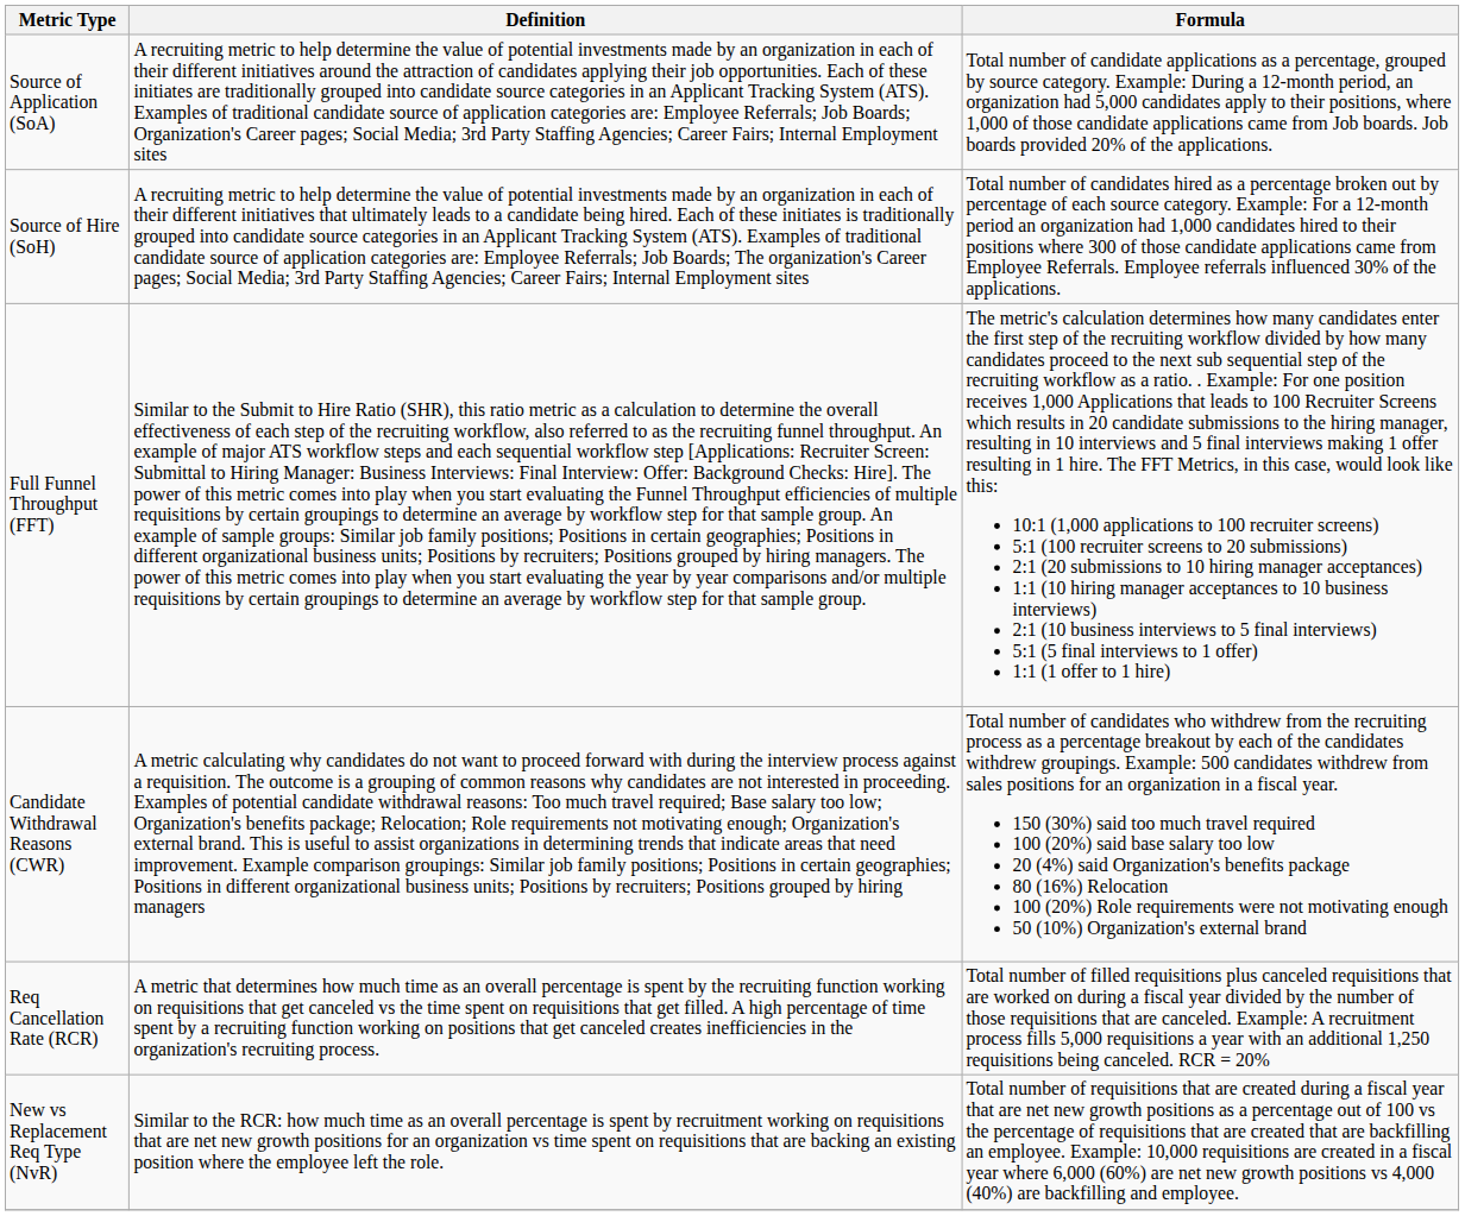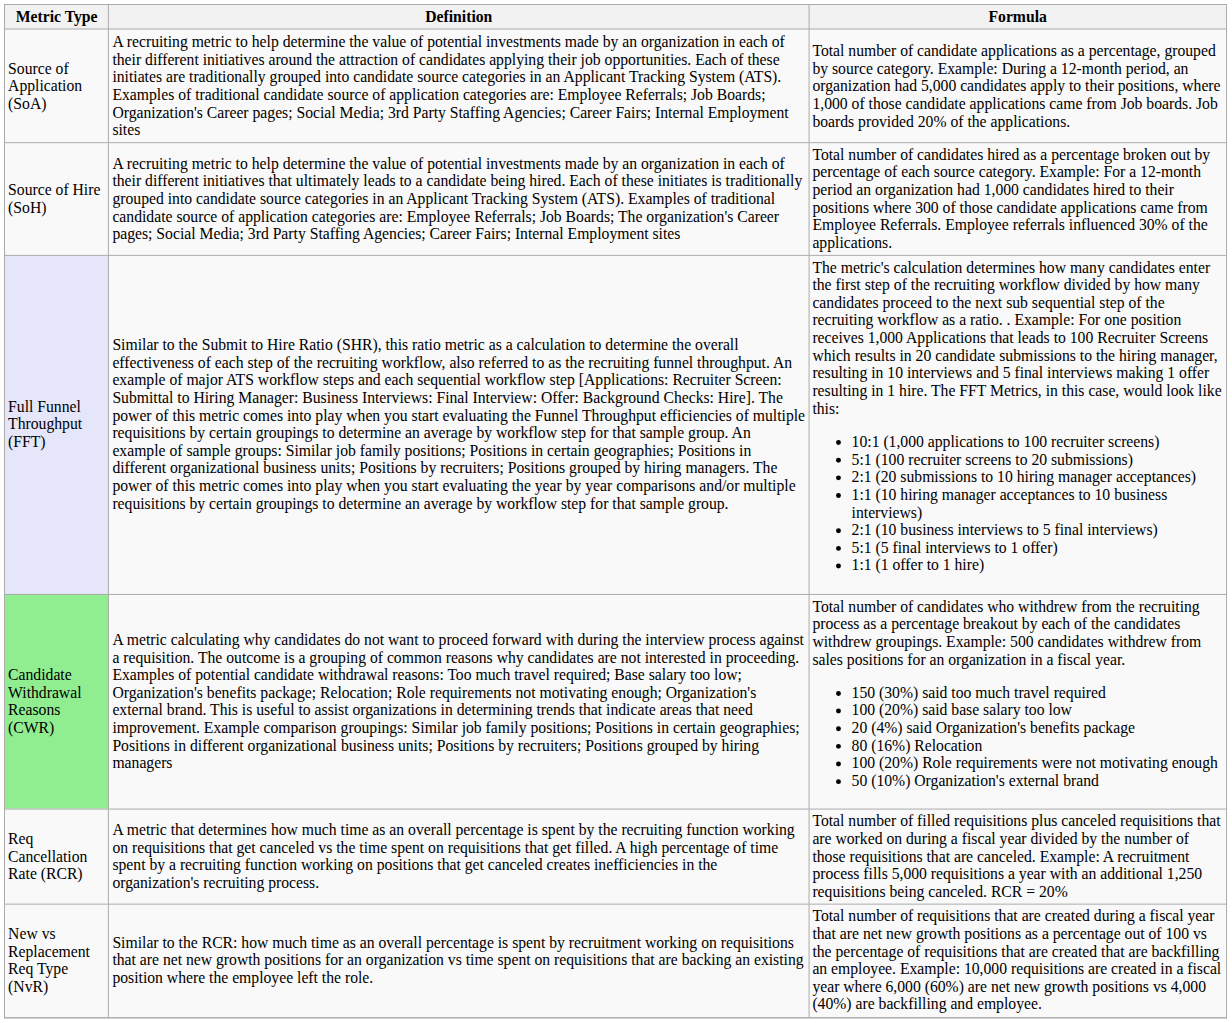 <table class="wikitable">
 <tr>
 <th>Metric Type</th>
 <th>Definition</th>
 <th>Formula</th>
 </tr>
 <tr>
 <td>Source of Application (SoA)</td>
 <td>A recruiting metric to help determine the value of potential investments made by an organization in each of their different initiatives around the attraction of candidates applying their job opportunities. Each of these initiates are traditionally grouped into candidate source categories in an Applicant Tracking System (ATS). Examples of traditional candidate source of application categories are: Employee Referrals; Job Boards; Organization's Career pages; Social Media; 3rd Party Staffing Agencies; Career Fairs; Internal Employment sites</td>
 <td>Total number of candidate applications as a percentage, grouped by source category. Example: During a 12-month period, an organization had 5,000 candidates apply to their positions, where 1,000 of those candidate applications came from Job boards. Job boards provided 20% of the applications.</td>
 </tr>
 <tr>
 <td>Source of Hire (SoH)</td>
 <td>A recruiting metric to help determine the value of potential investments made by an organization in each of their different initiatives that ultimately leads to a candidate being hired. Each of these initiates is traditionally grouped into candidate source categories in an Applicant Tracking System (ATS). Examples of traditional candidate source of application categories are: Employee Referrals; Job Boards; The organization's Career pages; Social Media; 3rd Party Staffing Agencies; Career Fairs; Internal Employment sites</td>
 <td>Total number of candidates hired as a percentage broken out by percentage of each source category. Example: For a 12-month period an organization had 1,000 candidates hired to their positions where 300 of those candidate applications came from Employee Referrals. Employee referrals influenced 30% of the applications.</td>
 </tr>
 <tr>
-<td>Full Funnel Throughput (FFT)</td>
+<td style="background: lavender;">Full Funnel Throughput (FFT)</td>
 <td>Similar to the Submit to Hire Ratio (SHR), this ratio metric as a calculation to determine the overall effectiveness of each step of the recruiting workflow, also referred to as the recruiting funnel throughput. An example of major ATS workflow steps and each sequential workflow step [Applications: Recruiter Screen: Submittal to Hiring Manager: Business Interviews: Final Interview: Offer: Background Checks: Hire]. The power of this metric comes into play when you start evaluating the Funnel Throughput efficiencies of multiple requisitions by certain groupings to determine an average by workflow step for that sample group. An example of sample groups: Similar job family positions; Positions in certain geographies; Positions in different organizational business units; Positions by recruiters; Positions grouped by hiring managers. The power of this metric comes into play when you start evaluating the year by year comparisons and/or multiple requisitions by certain groupings to determine an average by workflow step for that sample group.</td>
 <td>The metric's calculation determines how many candidates enter the first step of the recruiting workflow divided by how many candidates proceed to the next sub sequential step of the recruiting workflow as a ratio. . Example: For one position receives 1,000 Applications that leads to 100 Recruiter Screens which results in 20 candidate submissions to the hiring manager, resulting in 10 interviews and 5 final interviews making 1 offer resulting in 1 hire. The FFT Metrics, in this case, would look like this:<br><ul><li>10:1 (1,000 applications to 100 recruiter screens)</li><li>5:1 (100 recruiter screens to 20 submissions)</li><li>2:1 (20 submissions to 10 hiring manager acceptances)</li><li>1:1 (10 hiring manager acceptances to 10 business interviews)</li><li>2:1 (10 business interviews to 5 final interviews)</li><li>5:1 (5 final interviews to 1 offer)</li><li>1:1 (1 offer to 1 hire)</li></ul></td>
 </tr>
 <tr>
-<td>Candidate Withdrawal Reasons (CWR)</td>
+<td style="background: lightgreen;">Candidate Withdrawal Reasons (CWR)</td>
 <td>A metric calculating why candidates do not want to proceed forward with during the interview process against a requisition. The outcome is a grouping of common reasons why candidates are not interested in proceeding. Examples of potential candidate withdrawal reasons: Too much travel required; Base salary too low; Organization's benefits package; Relocation; Role requirements not motivating enough; Organization's external brand. This is useful to assist organizations in determining trends that indicate areas that need improvement. Example comparison groupings: Similar job family positions; Positions in certain geographies; Positions in different organizational business units; Positions by recruiters; Positions grouped by hiring managers</td>
 <td>Total number of candidates who withdrew from the recruiting process as a percentage breakout by each of the candidates withdrew groupings. Example: 500 candidates withdrew from sales positions for an organization in a fiscal year.<br><ul><li>150 (30%) said too much travel required</li><li>100 (20%) said base salary too low</li><li>20 (4%) said Organization's benefits package</li><li>80 (16%) Relocation</li><li>100 (20%) Role requirements were not motivating enough</li><li>50 (10%) Organization's external brand</li></ul></td>
 </tr>
 <tr>
 <td>Req Cancellation Rate (RCR)</td>
 <td>A metric that determines how much time as an overall percentage is spent by the recruiting function working on requisitions that get canceled vs the time spent on requisitions that get filled. A high percentage of time spent by a recruiting function working on positions that get canceled creates inefficiencies in the organization's recruiting process.</td>
 <td>Total number of filled requisitions plus canceled requisitions that are worked on during a fiscal year divided by the number of those requisitions that are canceled. Example: A recruitment process fills 5,000 requisitions a year with an additional 1,250 requisitions being canceled. RCR = 20%</td>
 </tr>
 <tr>
 <td>New vs Replacement Req Type (NvR)</td>
 <td>Similar to the RCR: how much time as an overall percentage is spent by recruitment working on requisitions that are net new growth positions for an organization vs time spent on requisitions that are backing an existing position where the employee left the role.</td>
 <td>Total number of requisitions that are created during a fiscal year that are net new growth positions as a percentage out of 100 vs the percentage of requisitions that are created that are backfilling an employee. Example: 10,000 requisitions are created in a fiscal year where 6,000 (60%) are net new growth positions vs 4,000 (40%) are backfilling and employee.</td>
 </tr>
 <tr>
 </tr>
 </table>
